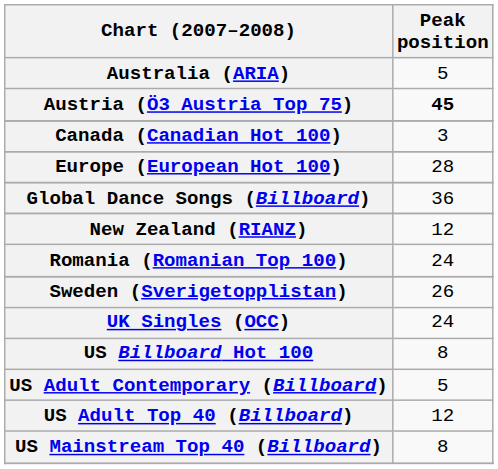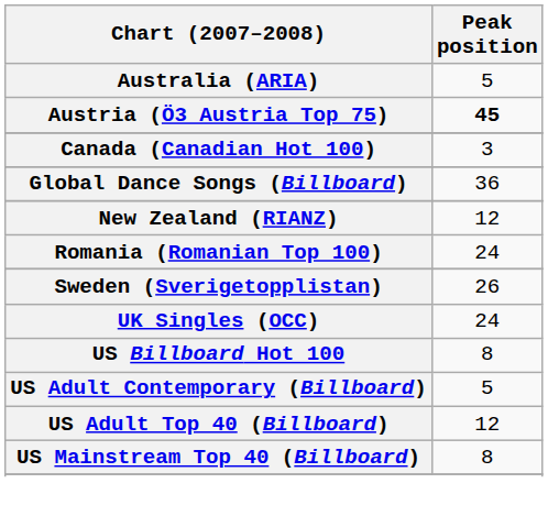 <table class="wikitable sortable plainrowheaders" style="text-align:center">
 <tr>
 <th>Chart (2007–2008)</th>
 <th>Peak<br>position</th>
 </tr>
 <tr>
 <th scope="row">Australia (<a href='#'>ARIA</a>)</th>
 <td align="center">5</td>
 </tr>
 <tr>
 <th scope="row">Austria (<a href='#'>Ö3 Austria Top 75</a>)</th>
 <td align="center"><strong>45</strong></td>
 </tr>
 <tr>
 </tr>
 <tr>
 <th scope="row">Canada (<a href='#'>Canadian Hot 100</a>)</th>
 <td align="center">3</td>
 </tr>
 <tr>
 </tr>
 <tr>
 </tr>
 <tr>
-</tr>
-<tr>
-<th scope="row">Europe (<a href='#'>European Hot 100</a>)</th>
-<td align="center">28</td>
 </tr>
 <tr>
 </tr>
 <tr>
 <th scope="row">Global Dance Songs (<em><a href='#'>Billboard</a></em>)</th>
 <td style="text-align:center;">36</td>
 </tr>
 <tr>
 </tr>
 <tr>
 </tr>
 <tr>
 </tr>
 <tr>
 <th scope="row">New Zealand (<a href='#'>RIANZ</a>)</th>
 <td align="center">12</td>
 </tr>
 <tr>
 <th scope="row">Romania (<a href='#'>Romanian Top 100</a>)</th>
 <td align="center">24</td>
 </tr>
 <tr>
 </tr>
 <tr>
 <th scope="row">Sweden (<a href='#'>Sverigetopplistan</a>)</th>
 <td align="center">26</td>
 </tr>
 <tr>
 <th scope="row"><a href='#'>UK Singles</a> (<a href='#'>OCC</a>)</th>
 <td align="center">24</td>
 </tr>
 <tr>
 <th scope="row">US <a href='#'><em>Billboard</em> Hot 100</a></th>
 <td align="center">8</td>
 </tr>
 <tr>
 <th scope="row">US <a href='#'>Adult Contemporary</a> (<em><a href='#'>Billboard</a></em>)</th>
 <td align="center">5</td>
 </tr>
 <tr>
 <th scope="row">US <a href='#'>Adult Top 40</a> (<em><a href='#'>Billboard</a></em>)</th>
 <td align="center">12</td>
 </tr>
 <tr>
 <th scope="row">US <a href='#'>Mainstream Top 40</a> (<em><a href='#'>Billboard</a></em>)</th>
 <td align="center">8</td>
 </tr>
 <tr>
 </tr>
 <tr>
 </tr>
 </table>
